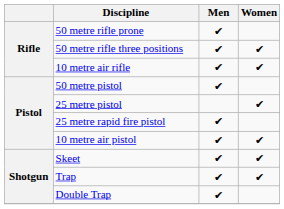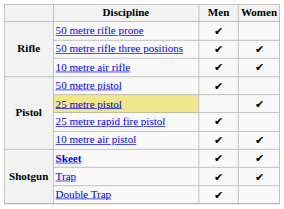 <table class="wikitable" style="text-align:center" width=400px>
 <tr>
 <th></th>
 <th>Discipline</th>
 <th width=50px>Men</th>
 <th width=50px>Women</th>
 </tr>
 <tr>
 <th rowspan=3>Rifle</th>
 <td align="left"><a href='#'>50 metre rifle prone</a></td>
 <td>✔</td>
 <td></td>
 </tr>
 <tr>
 <td align="left"><a href='#'>50 metre rifle three positions</a></td>
 <td>✔</td>
 <td>✔</td>
 </tr>
 <tr>
 <td align="left"><a href='#'>10 metre air rifle</a></td>
 <td>✔</td>
 <td>✔</td>
 </tr>
 <tr>
 <th rowspan=4>Pistol</th>
 <td align="left"><a href='#'>50 metre pistol</a></td>
 <td>✔</td>
 <td></td>
 </tr>
 <tr>
-<td align="left"><a href='#'>25 metre pistol</a></td>
+<td align="left" style="background: khaki;"><a href='#'>25 metre pistol</a></td>
 <td></td>
 <td>✔</td>
 </tr>
 <tr>
 <td align="left"><a href='#'>25 metre rapid fire pistol</a></td>
 <td>✔</td>
 <td></td>
 </tr>
 <tr>
 <td align="left"><a href='#'>10 metre air pistol</a></td>
 <td>✔</td>
 <td>✔</td>
 </tr>
 <tr>
 <th rowspan=3>Shotgun</th>
-<td align="left"><a href='#'>Skeet</a></td>
+<td align="left"><strong><a href='#'>Skeet</a></strong></td>
 <td>✔</td>
 <td>✔</td>
 </tr>
 <tr>
 <td align="left"><a href='#'>Trap</a></td>
 <td>✔</td>
 <td>✔</td>
 </tr>
 <tr>
 <td align="left"><a href='#'>Double Trap</a></td>
 <td>✔</td>
 <td></td>
 </tr>
 <tr>
 </tr>
 </table>
